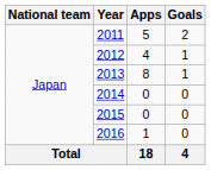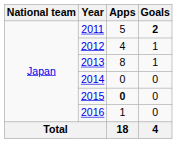 <table class="wikitable" style="text-align:center">
 <tr>
 <th>National team</th>
 <th>Year</th>
 <th>Apps</th>
 <th>Goals</th>
 </tr>
 <tr>
 <td rowspan="6"><a href='#'>Japan</a></td>
 <td><a href='#'>2011</a></td>
 <td>5</td>
-<td>2</td>
+<td><strong>2</strong></td>
 </tr>
 <tr>
 <td><a href='#'>2012</a></td>
 <td>4</td>
 <td>1</td>
 </tr>
 <tr>
 <td><a href='#'>2013</a></td>
 <td>8</td>
 <td>1</td>
 </tr>
 <tr>
 <td><a href='#'>2014</a></td>
 <td>0</td>
 <td>0</td>
 </tr>
 <tr>
 <td><a href='#'>2015</a></td>
-<td>0</td>
+<td><strong>0</strong></td>
 <td>0</td>
 </tr>
 <tr>
 <td><a href='#'>2016</a></td>
 <td>1</td>
 <td>0</td>
 </tr>
 <tr>
 <th colspan="2">Total</th>
 <th>18</th>
 <th>4</th>
 </tr>
 </table>
